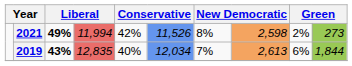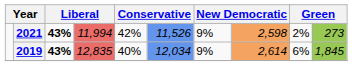 <table class="wikitable" style="float:right; width:400; font-size:90%; margin-left:1em;">
 <tr>
 <th colspan="2" scope="col">Year</th>
 <th colspan="2" scope="col"><a href='#'>Liberal</a></th>
 <th colspan="2" scope="col"><a href='#'>Conservative</a></th>
 <th colspan="2" scope="col"><a href='#'>New Democratic</a></th>
 <th colspan="2" scope="col"><a href='#'>Green</a></th>
 </tr>
 <tr>
 <td rowspan="2" style="width: 0.25em; background-color: "></td>
 <th><a href='#'>2021</a></th>
-<td><strong>49%</strong></td>
+<td><strong>43%</strong></td>
 <td style="text-align:right; background:#EA6D6A;"><em>11,994</em></td>
 <td>42%</td>
 <td style="text-align:right; background:#6495ED;"><em>11,526</em></td>
-<td>8%</td>
+<td>9%</td>
 <td style="text-align:right; background:#F4A460;"><em>2,598</em></td>
 <td>2%</td>
 <td style="text-align:right; background:#99C955;"><em>273</em></td>
 </tr>
 <tr>
 <th><a href='#'>2019</a></th>
 <td><strong>43%</strong></td>
 <td style="text-align:right; background:#EA6D6A;"><em>12,835</em></td>
 <td>40%</td>
 <td style="text-align:right; background:#6495ED;"><em>12,034</em></td>
-<td>7%</td>
-<td style="text-align:right; background:#F4A460;"><em>2,613</em></td>
+<td>9%</td>
+<td style="text-align:right; background:#F4A460;"><em>2,614</em></td>
 <td>6%</td>
-<td style="text-align:right; background:#99C955;"><em>1,844</em></td>
+<td style="text-align:right; background:#99C955;"><em>1,845</em></td>
 </tr>
 <tr>
 </tr>
 </table>
